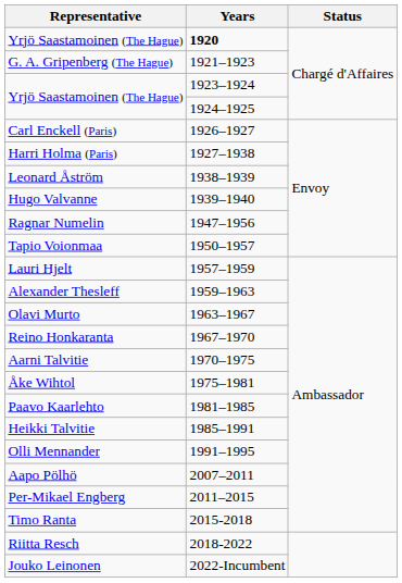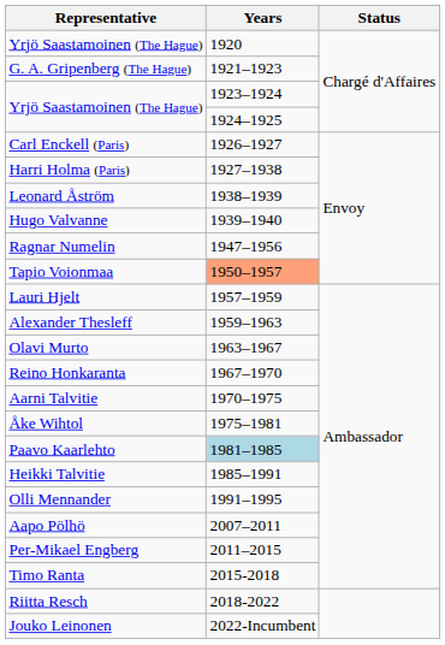 <table class="wikitable sortable">
 <tr>
 <th>Representative</th>
 <th>Years</th>
 <th>Status</th>
 </tr>
 <tr>
 <td><a href='#'>Yrjö Saastamoinen</a> <small>(<a href='#'>The Hague</a>)</small></td>
-<td><strong>1920</strong></td>
+<td>1920</td>
 <td rowspan="4">Chargé d'Affaires</td>
 </tr>
 <tr>
 <td><a href='#'>G. A. Gripenberg</a> <small>(<a href='#'>The Hague</a>)</small></td>
 <td>1921–1923</td>
 </tr>
 <tr>
 <td rowspan="2"><a href='#'>Yrjö Saastamoinen</a> <small>(<a href='#'>The Hague</a>)</small></td>
 <td>1923–1924</td>
 </tr>
 <tr>
 <td>1924–1925</td>
 </tr>
 <tr>
 <td><a href='#'>Carl Enckell</a> <small>(<a href='#'>Paris</a>)</small></td>
 <td>1926–1927</td>
 <td rowspan="6">Envoy</td>
 </tr>
 <tr>
 <td><a href='#'>Harri Holma</a> <small>(<a href='#'>Paris</a>)</small></td>
 <td>1927–1938</td>
 </tr>
 <tr>
 <td><a href='#'>Leonard Åström</a></td>
 <td>1938–1939</td>
 </tr>
 <tr>
 <td><a href='#'>Hugo Valvanne</a></td>
 <td>1939–1940</td>
 </tr>
 <tr>
 <td><a href='#'>Ragnar Numelin</a></td>
 <td>1947–1956</td>
 </tr>
 <tr>
 <td><a href='#'>Tapio Voionmaa</a></td>
-<td>1950–1957</td>
+<td style="background: lightsalmon;">1950–1957</td>
 </tr>
 <tr>
 <td><a href='#'>Lauri Hjelt</a></td>
 <td>1957–1959</td>
 <td rowspan="12">Ambassador</td>
 </tr>
 <tr>
 <td><a href='#'>Alexander Thesleff</a></td>
 <td>1959–1963</td>
 </tr>
 <tr>
 <td><a href='#'>Olavi Murto</a></td>
 <td>1963–1967</td>
 </tr>
 <tr>
 <td><a href='#'>Reino Honkaranta</a></td>
 <td>1967–1970</td>
 </tr>
 <tr>
 <td><a href='#'>Aarni Talvitie</a></td>
 <td>1970–1975</td>
 </tr>
 <tr>
 <td><a href='#'>Åke Wihtol</a></td>
 <td>1975–1981</td>
 </tr>
 <tr>
 <td><a href='#'>Paavo Kaarlehto</a></td>
-<td>1981–1985</td>
+<td style="background: lightblue;">1981–1985</td>
 </tr>
 <tr>
 <td><a href='#'>Heikki Talvitie</a></td>
 <td>1985–1991</td>
 </tr>
 <tr>
 <td><a href='#'>Olli Mennander</a></td>
 <td>1991–1995</td>
 </tr>
 <tr>
 <td><a href='#'>Aapo Pölhö</a></td>
 <td>2007–2011</td>
 </tr>
 <tr>
 <td><a href='#'>Per-Mikael Engberg</a></td>
 <td>2011–2015</td>
 </tr>
 <tr>
 <td><a href='#'>Timo Ranta</a></td>
 <td>2015-2018</td>
 </tr>
 <tr>
 <td><a href='#'>Riitta Resch</a></td>
 <td>2018-2022</td>
 </tr>
 <tr>
 <td><a href='#'>Jouko Leinonen</a></td>
 <td>2022-Incumbent</td>
 </tr>
 </table>
